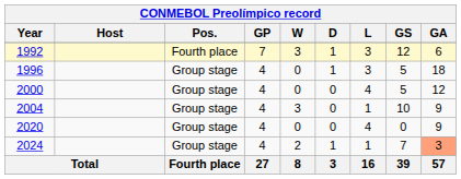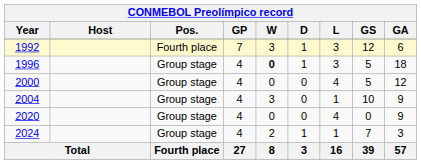 <table class="wikitable" style="text-align: center">
 <tr>
 <th colspan=10><a href='#'>CONMEBOL Preolímpico record</a></th>
 </tr>
 <tr>
 <th width=60px>Year</th>
 <th width=140px>Host</th>
 <th width=100px>Pos.</th>
 <th width=40px>GP</th>
 <th width=40px>W</th>
 <th width=40px>D</th>
 <th width=40px>L</th>
 <th width=40px>GS</th>
 <th width=40px>GA</th>
 </tr>
 <tr>
 </tr>
 <tr style="background:LemonChiffon;">
 <td><a href='#'>1992</a></td>
 <td align=left></td>
 <td>Fourth place</td>
 <td>7</td>
 <td>3</td>
 <td>1</td>
 <td>3</td>
 <td>12</td>
 <td>6</td>
 </tr>
 <tr>
 <td><a href='#'>1996</a></td>
 <td align=left></td>
 <td>Group stage</td>
 <td>4</td>
-<td>0</td>
+<td><strong>0</strong></td>
 <td>1</td>
 <td>3</td>
 <td>5</td>
 <td>18</td>
 </tr>
 <tr>
 <td><a href='#'>2000</a></td>
 <td align=left></td>
 <td>Group stage</td>
 <td>4</td>
 <td>0</td>
 <td>0</td>
 <td>4</td>
 <td>5</td>
 <td>12</td>
 </tr>
 <tr>
 <td><a href='#'>2004</a></td>
 <td align=left></td>
 <td>Group stage</td>
 <td>4</td>
 <td>3</td>
 <td>0</td>
 <td>1</td>
 <td>10</td>
 <td>9</td>
 </tr>
 <tr>
 <td><a href='#'>2020</a></td>
 <td align=left></td>
 <td>Group stage</td>
 <td>4</td>
 <td>0</td>
 <td>0</td>
 <td>4</td>
 <td>0</td>
 <td>9</td>
 </tr>
 <tr>
 <td><a href='#'>2024</a></td>
 <td align=left></td>
 <td>Group stage</td>
 <td>4</td>
 <td>2</td>
 <td>1</td>
 <td>1</td>
 <td>7</td>
-<td style="background: lightsalmon;">3</td>
+<td>3</td>
 </tr>
 <tr>
 <th colspan=2>Total</th>
 <th>Fourth place</th>
 <th>27</th>
 <th>8</th>
 <th>3</th>
 <th>16</th>
 <th>39</th>
 <th>57</th>
 </tr>
 </table>
